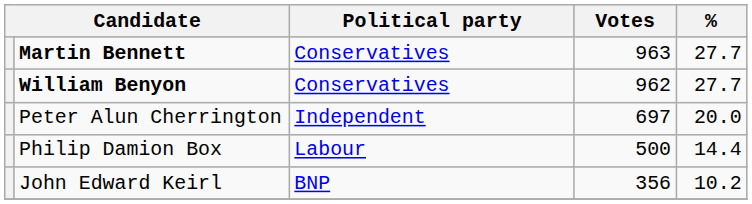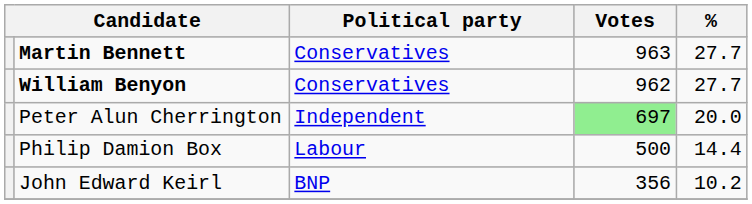 <table class="wikitable">
 <tr>
 <th valign=top colspan="2" style="width: 180px">Candidate</th>
 <th valign=top style="width: 180px">Political party</th>
 <th valign=top style="width: 60px">Votes</th>
 <th valign=top style="width: 40px">%</th>
 </tr>
 <tr>
 <th style="background-color: "></th>
 <td><strong>Martin Bennett</strong></td>
 <td><a href='#'>Conservatives</a></td>
 <td align="right">963</td>
 <td align="right">27.7</td>
 </tr>
 <tr>
 <th style="background-color: "></th>
 <td><strong>William Benyon</strong></td>
 <td><a href='#'>Conservatives</a></td>
 <td align="right">962</td>
 <td align="right">27.7</td>
 </tr>
 <tr>
 <th style="background-color: "></th>
 <td>Peter Alun Cherrington</td>
 <td><a href='#'>Independent</a></td>
-<td align="right">697</td>
+<td align="right" style="background: lightgreen;">697</td>
 <td align="right">20.0</td>
 </tr>
 <tr>
 <th style="background-color: "></th>
 <td>Philip Damion Box</td>
 <td><a href='#'>Labour</a></td>
 <td align="right">500</td>
 <td align="right">14.4</td>
 </tr>
 <tr>
 <th style="background-color: "></th>
 <td>John Edward Keirl</td>
 <td><a href='#'>BNP</a></td>
 <td align="right">356</td>
 <td align="right">10.2</td>
 </tr>
 <tr>
 </tr>
 </table>
